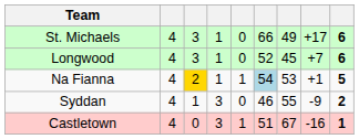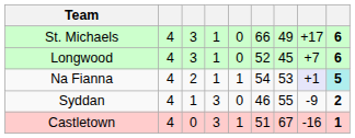 <table class="wikitable" style="text-align:center">
 <tr>
 <th width="175">Team</th>
 <th width="20"></th>
 <th width="20"></th>
 <th width="20"></th>
 <th width="20"></th>
 <th width="20"></th>
 <th width="20"></th>
 <th width="20"></th>
 <th width="20"></th>
 </tr>
 <tr bgcolor="ccffcc">
 <td>St. Michaels</td>
 <td>4</td>
 <td>3</td>
 <td>1</td>
 <td>0</td>
 <td>66</td>
 <td>49</td>
 <td>+17</td>
 <td><strong>6</strong></td>
 </tr>
 <tr bgcolor="ccffcc">
 <td>Longwood</td>
 <td>4</td>
 <td>3</td>
 <td>1</td>
 <td>0</td>
 <td>52</td>
 <td>45</td>
 <td>+7</td>
 <td><strong>6</strong></td>
 </tr>
 <tr>
 <td>Na Fianna</td>
 <td>4</td>
-<td style="background: gold;">2</td>
+<td>2</td>
 <td>1</td>
 <td>1</td>
-<td style="background: lightblue;">54</td>
+<td>54</td>
 <td>53</td>
-<td>+1</td>
-<td><strong>5</strong></td>
+<td style="background: lavender;">+1</td>
+<td style="background: paleturquoise;"><strong>5</strong></td>
 </tr>
 <tr>
 <td>Syddan</td>
 <td>4</td>
 <td>1</td>
 <td>3</td>
 <td>0</td>
 <td>46</td>
 <td>55</td>
 <td>-9</td>
 <td><strong>2</strong></td>
 </tr>
 <tr bgcolor="ffcccc">
 <td>Castletown</td>
 <td>4</td>
 <td>0</td>
 <td>3</td>
 <td>1</td>
 <td>51</td>
 <td>67</td>
 <td>-16</td>
 <td><strong>1</strong></td>
 </tr>
 </table>
